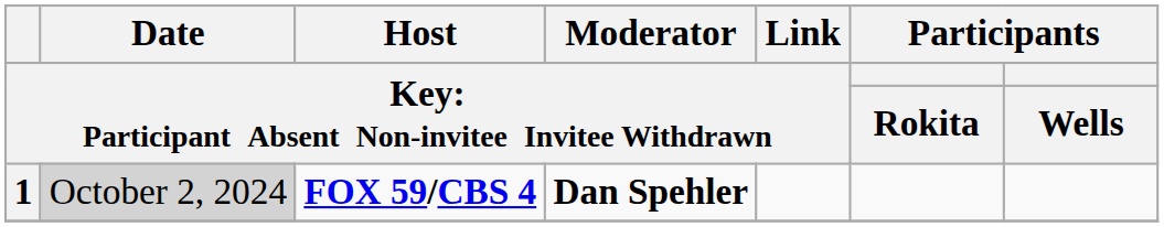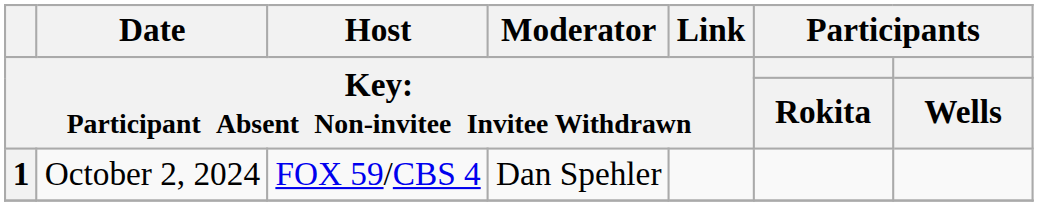 <table class="wikitable" style="text-align:center;">
 <tr>
 <th scope="col"></th>
 <th scope="col">Date</th>
 <th scope="col">Host</th>
 <th scope="col">Moderator</th>
 <th scope="col">Link</th>
 <th colspan="8" scope="col">Participants</th>
 </tr>
 <tr>
 <th colspan="5" rowspan="2">Key:<br> <small>Participant </small>  <small>Absent </small>  <small>Non-invitee </small>  <small>Invitee  Withdrawn</small></th>
 <th scope="col" style="background:"></th>
 <th scope="col" style="background:"></th>
 </tr>
 <tr>
 <th scope="col" style="width:60px;">Rokita</th>
 <th scope="col" style="width:60px;">Wells</th>
 </tr>
 <tr>
 <th scope="row">1</th>
-<td style="background: lightgrey; white-space:nowrap;">October 2, 2024</td>
-<td style="white-space:nowrap;"><strong><a href='#'>FOX 59</a>/<a href='#'>CBS 4</a></strong></td>
-<td style="white-space:nowrap;"><strong>Dan Spehler</strong></td>
+<td style="white-space:nowrap;">October 2, 2024</td>
+<td style="white-space:nowrap;"><a href='#'>FOX 59</a>/<a href='#'>CBS 4</a></td>
+<td style="white-space:nowrap;">Dan Spehler</td>
 <td style="white-space:nowrap;"></td>
 <td></td>
 <td></td>
 </tr>
 <tr>
 </tr>
 </table>
